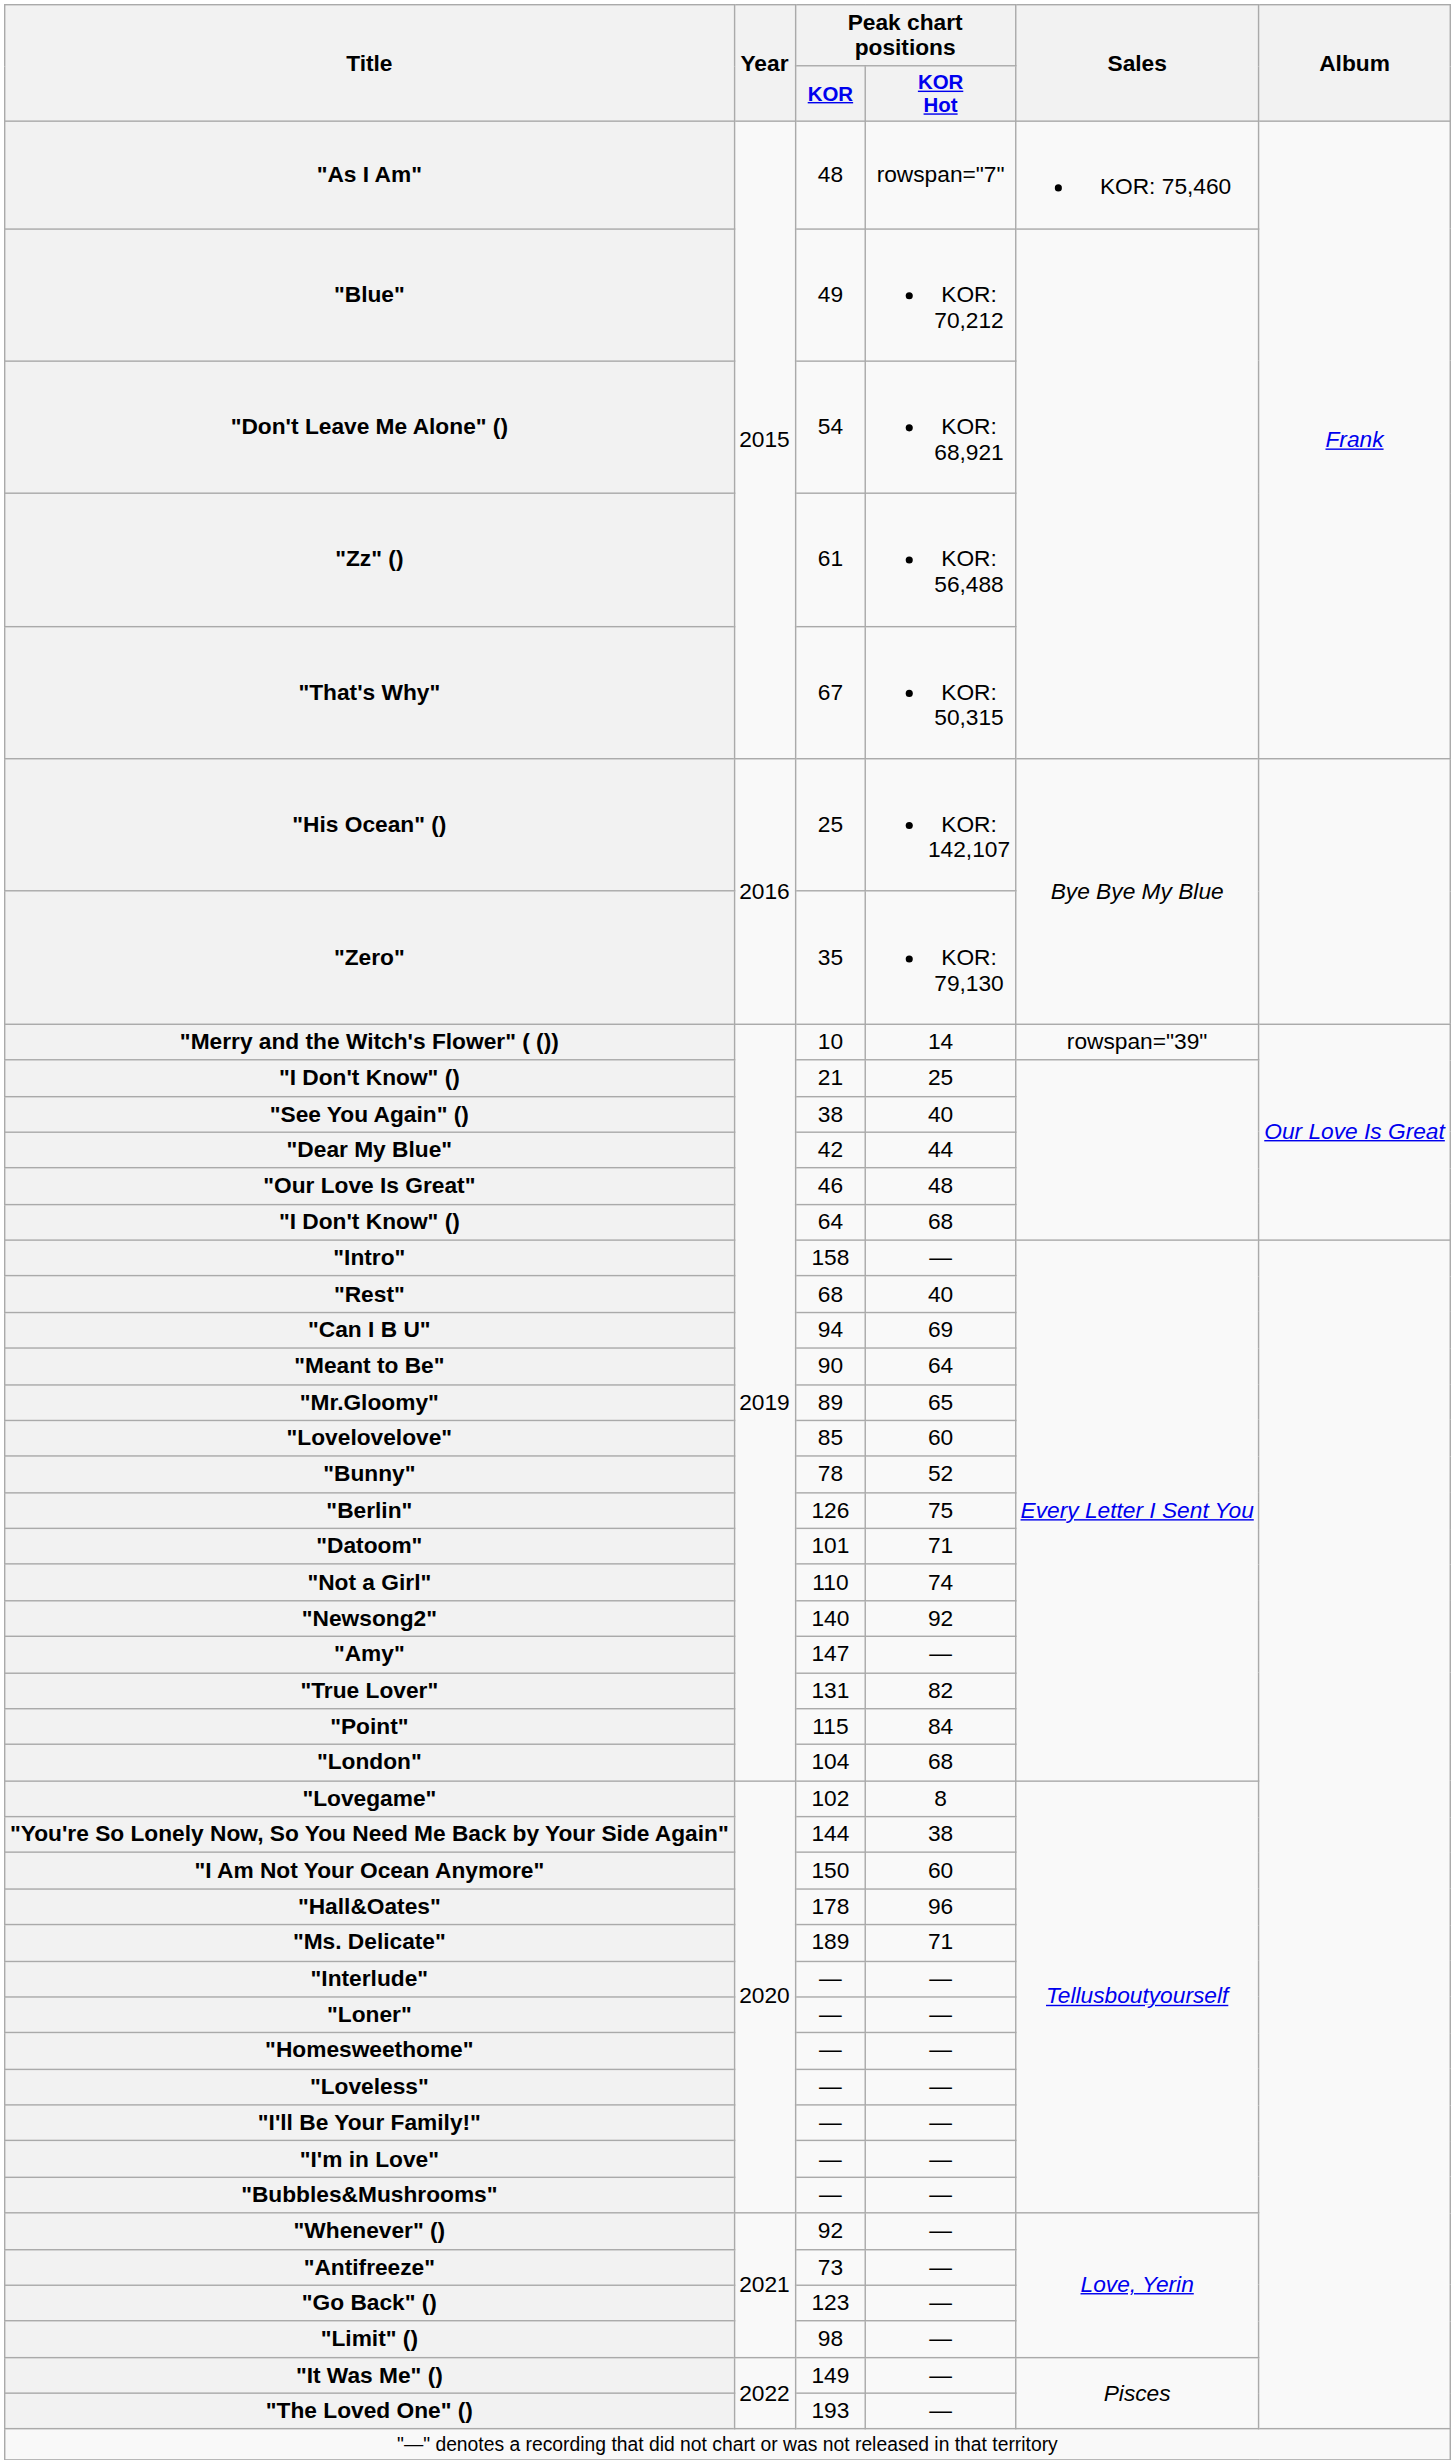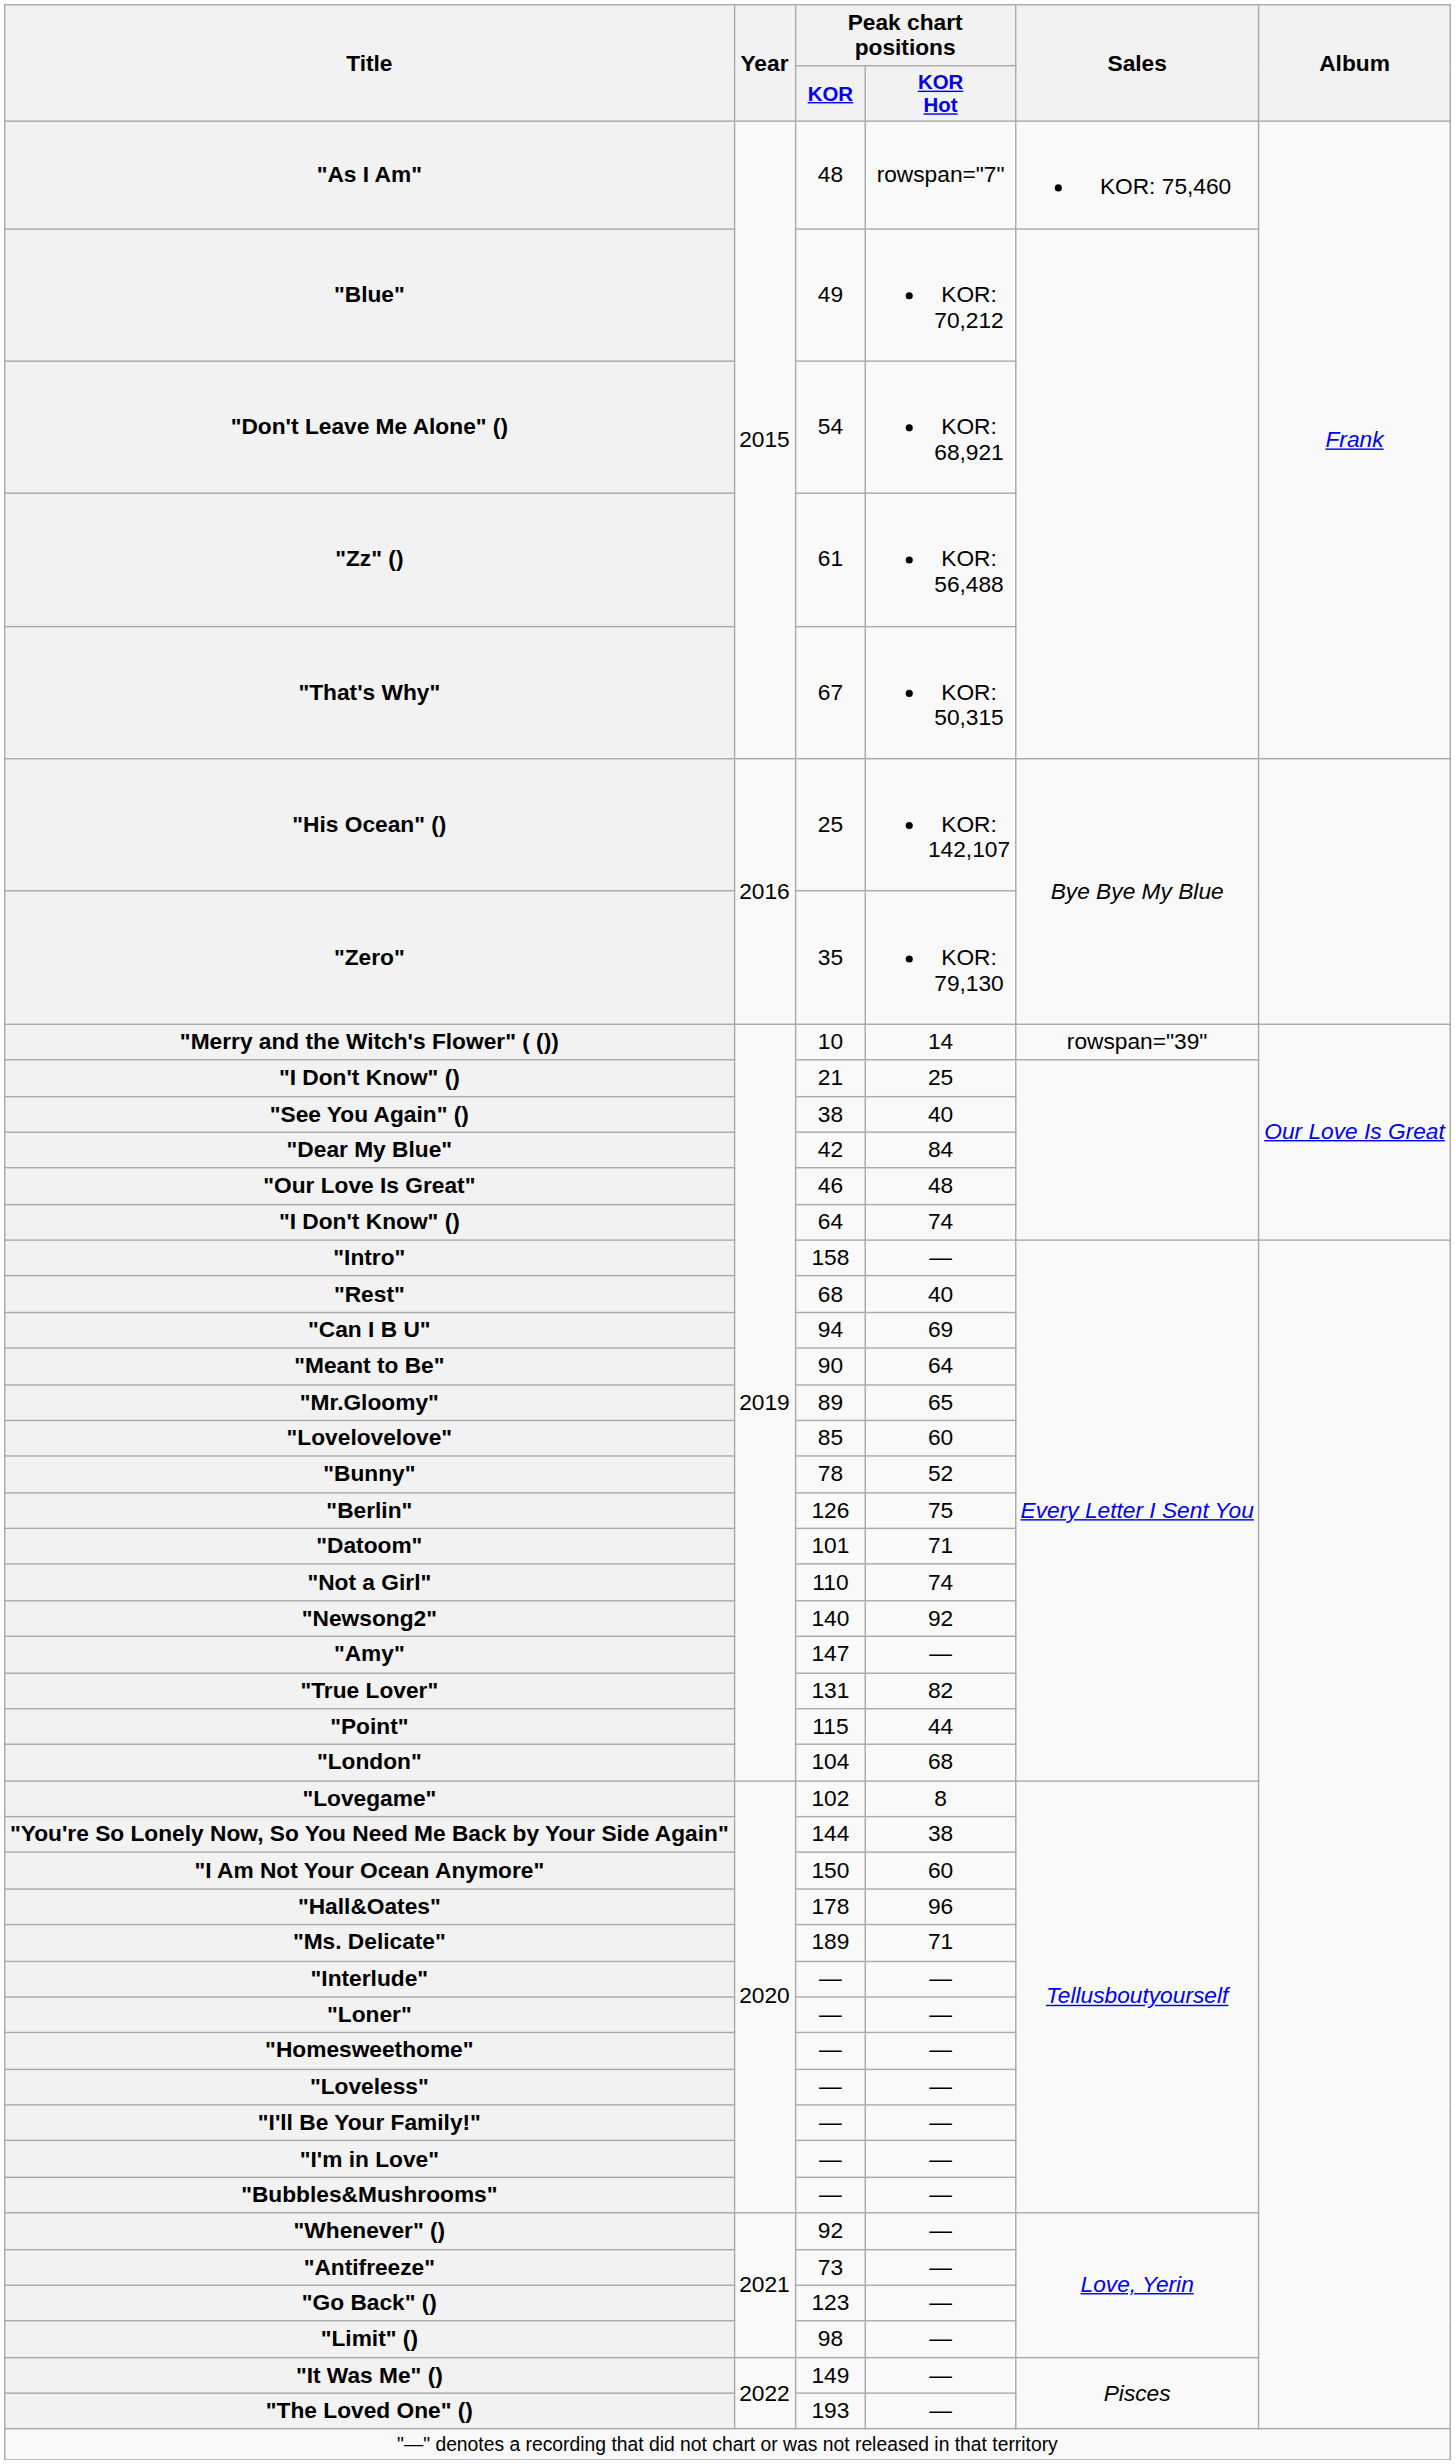 <table class="wikitable plainrowheaders" style="text-align:center">
 <tr>
 <th scope="col" rowspan="2">Title</th>
 <th scope="col" rowspan="2">Year</th>
 <th scope="col" colspan="2">Peak chart<br>positions</th>
 <th scope="col" rowspan="2">Sales<br></th>
 <th scope="col" rowspan="2">Album</th>
 </tr>
 <tr>
 <th scope="col" style="width:3em;font-size:90%;"><a href='#'>KOR</a><br></th>
 <th scope="col" style="width:3em;font-size:90%;"><a href='#'>KOR<br>Hot</a><br></th>
 </tr>
 <tr>
 <th scope="row">"As I Am"</th>
 <td rowspan="5">2015</td>
 <td>48</td>
 <td>rowspan="7" </td>
 <td><br><ul><li>KOR: 75,460</li></ul></td>
 <td rowspan="5"><em><a href='#'>Frank</a></em></td>
 </tr>
 <tr>
 <th scope="row">"Blue"</th>
 <td>49</td>
 <td><br><ul><li>KOR: 70,212</li></ul></td>
 </tr>
 <tr>
 <th scope="row">"Don't Leave Me Alone" ()</th>
 <td>54</td>
 <td><br><ul><li>KOR: 68,921</li></ul></td>
 </tr>
 <tr>
 <th scope="row">"Zz" ()</th>
 <td>61</td>
 <td><br><ul><li>KOR: 56,488</li></ul></td>
 </tr>
 <tr>
 <th scope="row">"That's Why"</th>
 <td>67</td>
 <td><br><ul><li>KOR: 50,315</li></ul></td>
 </tr>
 <tr>
 <th scope="row">"His Ocean" ()</th>
 <td rowspan="2">2016</td>
 <td>25</td>
 <td><br><ul><li>KOR: 142,107</li></ul></td>
 <td rowspan="2"><em>Bye Bye My Blue</em></td>
 </tr>
 <tr>
 <th scope="row">"Zero"</th>
 <td>35</td>
 <td><br><ul><li>KOR: 79,130</li></ul></td>
 </tr>
 <tr>
 <th scope="row">"Merry and the Witch's Flower" ( ())</th>
 <td rowspan="21">2019</td>
 <td>10</td>
 <td>14</td>
 <td>rowspan="39" </td>
 <td rowspan="6"><em><a href='#'>Our Love Is Great</a></em></td>
 </tr>
 <tr>
 <th scope="row">"I Don't Know" ()<br></th>
 <td>21</td>
 <td>25</td>
 </tr>
 <tr>
 <th scope="row">"See You Again" ()</th>
 <td>38</td>
 <td>40</td>
 </tr>
 <tr>
 <th scope="row">"Dear My Blue"</th>
 <td>42</td>
-<td>44</td>
+<td>84</td>
 </tr>
 <tr>
 <th scope="row">"Our Love Is Great"</th>
 <td>46</td>
 <td>48</td>
 </tr>
 <tr>
 <th scope="row">"I Don't Know" () </th>
 <td>64</td>
-<td>68</td>
+<td>74</td>
 </tr>
 <tr>
 <th scope="row">"Intro"</th>
 <td>158</td>
 <td>—</td>
 <td rowspan="15"><em><a href='#'>Every Letter I Sent You</a></em></td>
 </tr>
 <tr>
 <th scope="row">"Rest"</th>
 <td>68</td>
 <td>40</td>
 </tr>
 <tr>
 <th scope="row">"Can I B U"</th>
 <td>94</td>
 <td>69</td>
 </tr>
 <tr>
 <th scope="row">"Meant to Be"</th>
 <td>90</td>
 <td>64</td>
 </tr>
 <tr>
 <th scope="row">"Mr.Gloomy"</th>
 <td>89</td>
 <td>65</td>
 </tr>
 <tr>
 <th scope="row">"Lovelovelove"</th>
 <td>85</td>
 <td>60</td>
 </tr>
 <tr>
 <th scope="row">"Bunny"</th>
 <td>78</td>
 <td>52</td>
 </tr>
 <tr>
 <th scope="row">"Berlin"</th>
 <td>126</td>
 <td>75</td>
 </tr>
 <tr>
 <th scope="row">"Datoom"</th>
 <td>101</td>
 <td>71</td>
 </tr>
 <tr>
 <th scope="row">"Not a Girl"</th>
 <td>110</td>
 <td>74</td>
 </tr>
 <tr>
 <th scope="row">"Newsong2"</th>
 <td>140</td>
 <td>92</td>
 </tr>
 <tr>
 <th scope="row">"Amy"</th>
 <td>147</td>
 <td>—</td>
 </tr>
 <tr>
 <th scope="row">"True Lover"</th>
 <td>131</td>
 <td>82</td>
 </tr>
 <tr>
 <th scope="row">"Point"<br></th>
 <td>115</td>
-<td>84</td>
+<td>44</td>
 </tr>
 <tr>
 <th scope="row">"London"</th>
 <td>104</td>
 <td>68</td>
 </tr>
 <tr>
 <th scope="row">"Lovegame"</th>
 <td rowspan="12">2020</td>
 <td>102</td>
 <td>8</td>
 <td rowspan="12"><em><a href='#'>Tellusboutyourself</a></em></td>
 </tr>
 <tr>
 <th scope="row">"You're So Lonely Now, So You Need Me Back by Your Side Again"</th>
 <td>144</td>
 <td>38</td>
 </tr>
 <tr>
 <th scope="row">"I Am Not Your Ocean Anymore"</th>
 <td>150</td>
 <td>60</td>
 </tr>
 <tr>
 <th scope="row">"Hall&Oates"</th>
 <td>178</td>
 <td>96</td>
 </tr>
 <tr>
 <th scope="row">"Ms. Delicate"</th>
 <td>189</td>
 <td>71</td>
 </tr>
 <tr>
 <th scope="row">"Interlude"</th>
 <td>—</td>
 <td>—</td>
 </tr>
 <tr>
 <th scope="row">"Loner"</th>
 <td>—</td>
 <td>—</td>
 </tr>
 <tr>
 <th scope="row">"Homesweethome"</th>
 <td>—</td>
 <td>—</td>
 </tr>
 <tr>
 <th scope="row">"Loveless"</th>
 <td>—</td>
 <td>—</td>
 </tr>
 <tr>
 <th scope="row">"I'll Be Your Family!"</th>
 <td>—</td>
 <td>—</td>
 </tr>
 <tr>
 <th scope="row">"I'm in Love"</th>
 <td>—</td>
 <td>—</td>
 </tr>
 <tr>
 <th scope="row">"Bubbles&Mushrooms"</th>
 <td>—</td>
 <td>—</td>
 </tr>
 <tr>
 <th scope="row">"Whenever" ()</th>
 <td rowspan="4">2021</td>
 <td>92</td>
 <td>—</td>
 <td rowspan="4"><em><a href='#'>Love, Yerin</a></em></td>
 </tr>
 <tr>
 <th scope="row">"Antifreeze"</th>
 <td>73</td>
 <td>—</td>
 </tr>
 <tr>
 <th scope="row">"Go Back" ()</th>
 <td>123</td>
 <td>—</td>
 </tr>
 <tr>
 <th scope="row">"Limit" ()</th>
 <td>98</td>
 <td>—</td>
 </tr>
 <tr>
 <th scope="row">"It Was Me" ()</th>
 <td rowspan="2">2022</td>
 <td>149</td>
 <td>—</td>
 <td rowspan="2"><em>Pisces</em></td>
 </tr>
 <tr>
 <th scope="row">"The Loved One" ()</th>
 <td>193</td>
 <td>—</td>
 </tr>
 <tr>
 <td colspan="6" style="font-size:85%">"—" denotes a recording that did not chart or was not released in that territory</td>
 </tr>
 </table>
